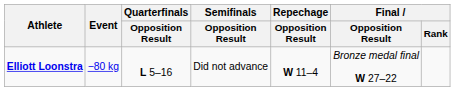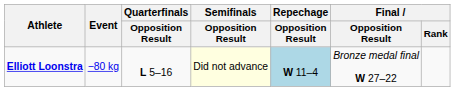 <table class="wikitable" style="font-size:90%;">
 <tr>
 <th rowspan=2>Athlete</th>
 <th rowspan=2>Event</th>
 <th>Quarterfinals</th>
 <th>Semifinals</th>
 <th>Repechage</th>
 <th colspan="2">Final / </th>
 </tr>
 <tr style="font-size:95%">
 <th>Opposition<br>Result</th>
 <th>Opposition<br>Result</th>
 <th>Opposition<br>Result</th>
 <th>Opposition<br>Result</th>
 <th>Rank</th>
 </tr>
 <tr align=center>
 <td align=left><strong><a href='#'>Elliott Loonstra</a></strong></td>
 <td align=left><a href='#'>−80 kg</a></td>
 <td><br><strong>L</strong> 5–16</td>
-<td>Did not advance</td>
-<td><br><strong>W</strong> 11–4</td>
+<td style="background: lightyellow;">Did not advance</td>
+<td style="background: lightblue;"><br><strong>W</strong> 11–4</td>
 <td><em>Bronze medal final</em><br><br><strong>W</strong> 27–22</td>
 <td></td>
 </tr>
 </table>
